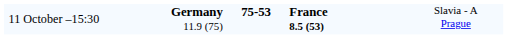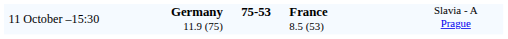 <table style="width: 100%; background:#F5FAFF;" cellspacing="0">
 <tr>
 <td style=font-size:95% align=center rowspan=3 width=20%>11 October –15:30</td>
 </tr>
 <tr>
 <td width=24% align=right><strong>Germany</strong> </td>
 <td align=center width=13%><strong>75-53</strong></td>
 <td width=24%> <strong>France</strong></td>
 <td style=font-size:85% rowspan=3 valign=top align=center>Slavia - A <br><a href='#'>Prague</a></td>
 </tr>
 <tr style=font-size:85%>
 <td align=right>11.9 (75)</td>
 <td align=center></td>
-<td><strong>8.5 (53)</strong></td>
+<td>8.5 (53)</td>
 </tr>
 </table>
